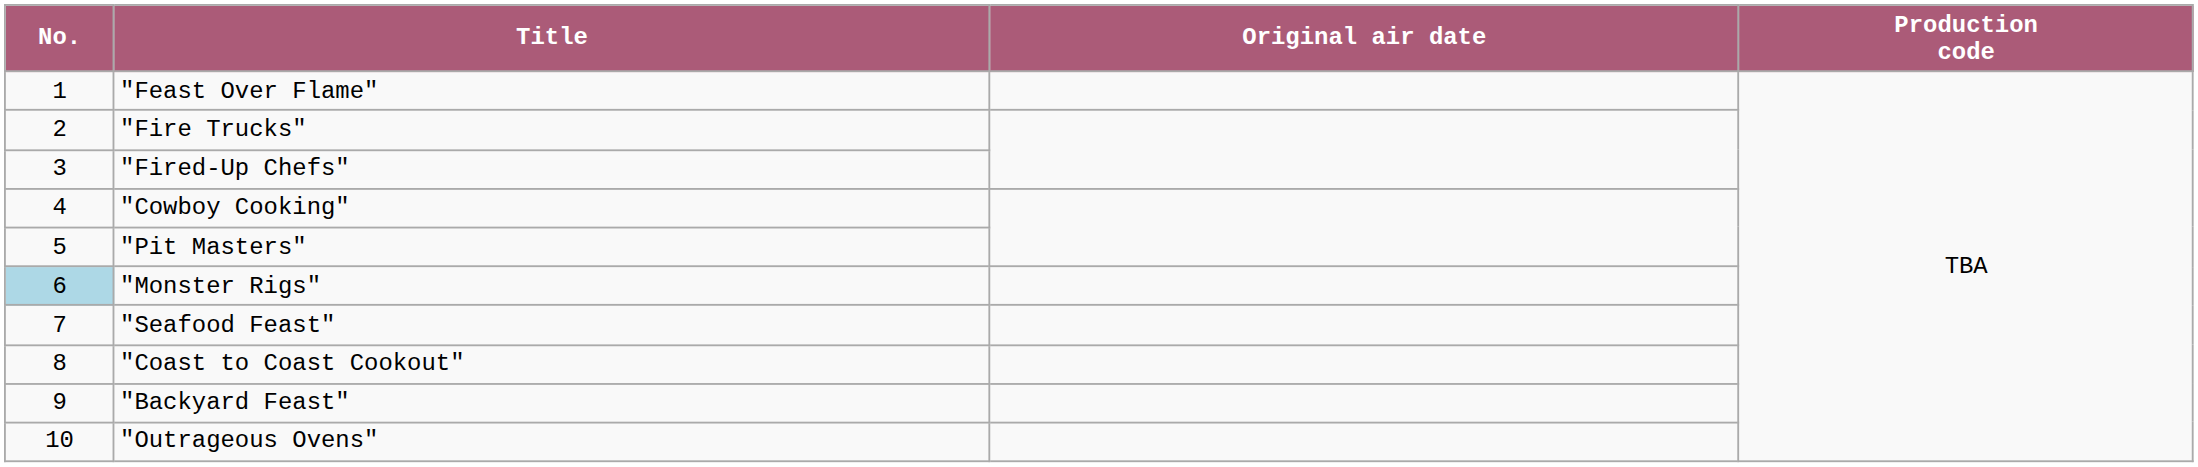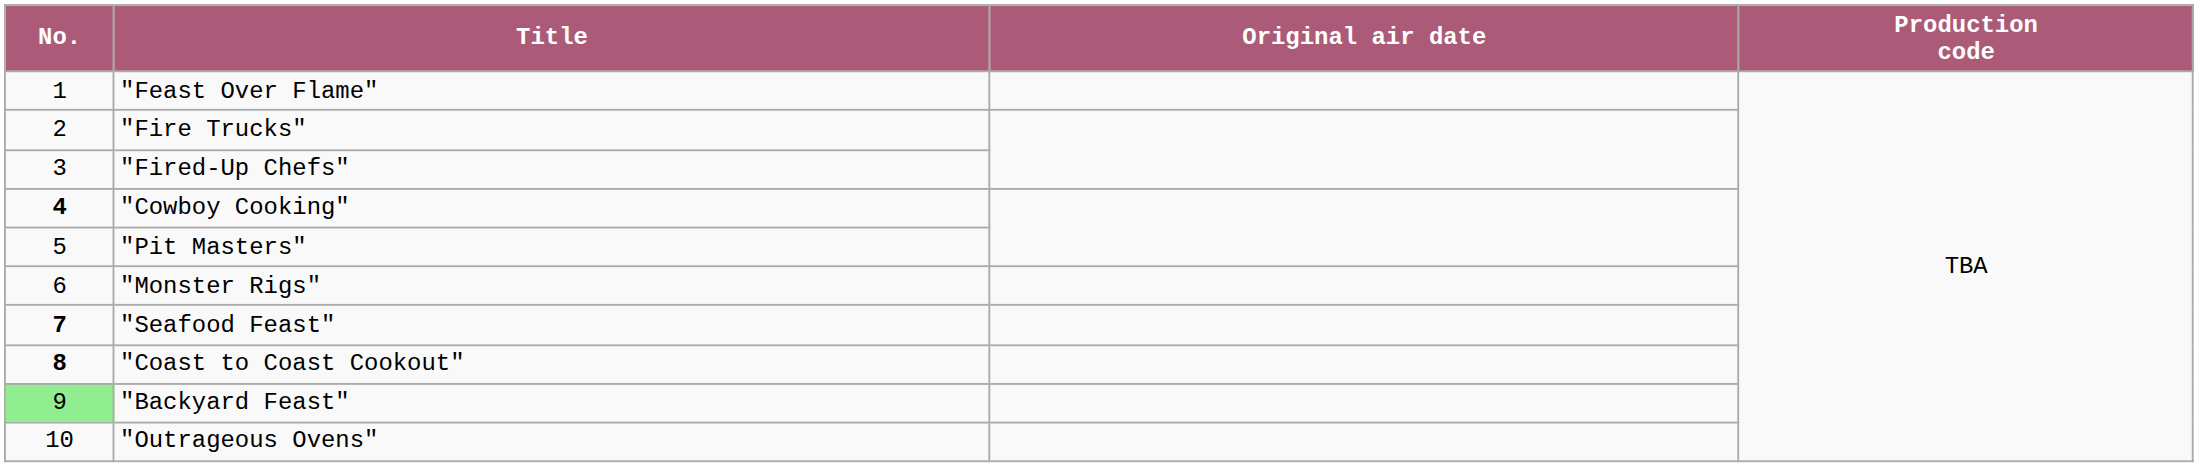 <table class="wikitable plainrowheaders" style="width:60%;">
 <tr>
 <th style="background-color: #ab5b78; color: #FFFFFF;" width=5%>No.</th>
 <th style="background-color: #ab5b78; color: #FFFFFF;" width=40%>Title</th>
 <th style="background-color: #ab5b78; color: #FFFFFF;">Original air date</th>
 <th style="background-color: #ab5b78; color: #FFFFFF;">Production<br>code</th>
 </tr>
 <tr>
 <td align=center>1</td>
 <td>"Feast Over Flame"</td>
 <td align=center></td>
 <td align=center rowspan=13>TBA</td>
 </tr>
 <tr>
 <td align=center>2</td>
 <td>"Fire Trucks"</td>
 <td align=center rowspan=2></td>
 </tr>
 <tr>
 <td align=center>3</td>
 <td>"Fired-Up Chefs"</td>
 </tr>
 <tr>
-<td align=center>4</td>
+<td align=center><strong>4</strong></td>
 <td>"Cowboy Cooking"</td>
 <td align=center rowspan=2></td>
 </tr>
 <tr>
 <td align=center>5</td>
 <td>"Pit Masters"</td>
 </tr>
 <tr>
-<td align=center style="background: lightblue;">6</td>
+<td align=center>6</td>
 <td>"Monster Rigs"</td>
 <td align=center></td>
 </tr>
 <tr>
-<td align=center>7</td>
+<td align=center><strong>7</strong></td>
 <td>"Seafood Feast"</td>
 <td align=center></td>
 </tr>
 <tr>
-<td align=center>8</td>
+<td align=center><strong>8</strong></td>
 <td>"Coast to Coast Cookout"</td>
 <td align=center></td>
 </tr>
 <tr>
-<td align=center>9</td>
+<td align=center style="background: lightgreen;">9</td>
 <td>"Backyard Feast"</td>
 <td align=center></td>
 </tr>
 <tr>
 <td align=center>10</td>
 <td>"Outrageous Ovens"</td>
 <td align=center></td>
 </tr>
 </table>
